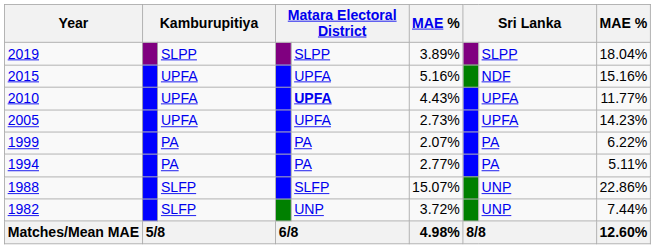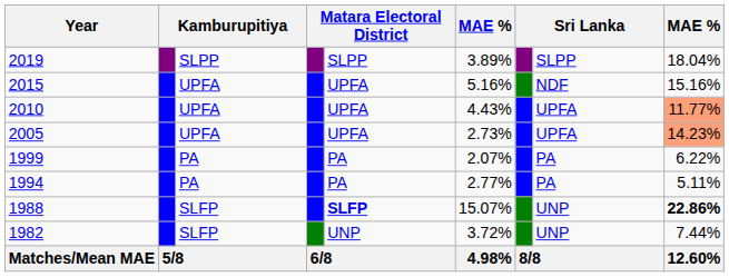 <table class="wikitable">
 <tr>
 <th>Year</th>
 <th colspan="2" width="144px">Kamburupitiya</th>
 <th colspan="2" width="144px"><a href='#'>Matara Electoral District</a></th>
 <th><a href='#'>MAE</a> %</th>
 <th colspan="2" width="144px">Sri Lanka</th>
 <th>MAE %</th>
 </tr>
 <tr>
 <td><a href='#'>2019</a></td>
 <td style="background-color:purple;" width="10px"></td>
 <td style="text-align:left;"><a href='#'>SLPP</a></td>
 <td style="background-color:purple;" width="10px"></td>
 <td style="text-align:left;"><a href='#'>SLPP</a></td>
 <td style="text-align:right;">3.89%</td>
 <td style="background-color:purple;" width="10px"></td>
 <td style="text-align:left;"><a href='#'>SLPP</a></td>
 <td style="text-align:right;">18.04%</td>
 </tr>
 <tr>
 <td><a href='#'>2015</a></td>
 <td style="background-color:blue;" width="10px"></td>
 <td style="text-align:left;"><a href='#'>UPFA</a></td>
 <td style="background-color:blue;" width="10px"></td>
 <td style="text-align:left;"><a href='#'>UPFA</a></td>
 <td style="text-align:right;">5.16%</td>
 <td style="background-color:green;" width="10px"></td>
 <td style="text-align:left;"><a href='#'>NDF</a></td>
 <td style="text-align:right;">15.16%</td>
 </tr>
 <tr>
 <td><a href='#'>2010</a></td>
 <td style="background-color:blue;" width="10px"></td>
 <td style="text-align:left;"><a href='#'>UPFA</a></td>
 <td style="background-color:blue;" width="10px"></td>
-<td style="text-align:left;"><strong><a href='#'>UPFA</a></strong></td>
+<td style="text-align:left;"><a href='#'>UPFA</a></td>
 <td style="text-align:right;">4.43%</td>
 <td style="background-color:blue;" width="10px"></td>
 <td style="text-align:left;"><a href='#'>UPFA</a></td>
-<td style="text-align:right;">11.77%</td>
+<td style="background: lightsalmon; text-align:right;">11.77%</td>
 </tr>
 <tr>
 <td><a href='#'>2005</a></td>
 <td style="background-color:blue;" width="10px"></td>
 <td style="text-align:left;"><a href='#'>UPFA</a></td>
 <td style="background-color:blue;" width="10px"></td>
 <td style="text-align:left;"><a href='#'>UPFA</a></td>
 <td style="text-align:right;">2.73%</td>
 <td style="background-color:blue;" width="10px"></td>
 <td style="text-align:left;"><a href='#'>UPFA</a></td>
-<td style="text-align:right;">14.23%</td>
+<td style="background: lightsalmon; text-align:right;">14.23%</td>
 </tr>
 <tr>
 <td><a href='#'>1999</a></td>
 <td style="background-color:blue;" width="10px"></td>
 <td style="text-align:left;"><a href='#'>PA</a></td>
 <td style="background-color:blue;" width="10px"></td>
 <td style="text-align:left;"><a href='#'>PA</a></td>
 <td style="text-align:right;">2.07%</td>
 <td style="background-color:blue;" width="10px"></td>
 <td style="text-align:left;"><a href='#'>PA</a></td>
 <td style="text-align:right;">6.22%</td>
 </tr>
 <tr>
 <td><a href='#'>1994</a></td>
 <td style="background-color:blue;" width="10px"></td>
 <td style="text-align:left;"><a href='#'>PA</a></td>
 <td style="background-color:blue;" width="10px"></td>
 <td style="text-align:left;"><a href='#'>PA</a></td>
 <td style="text-align:right;">2.77%</td>
 <td style="background-color:blue;" width="10px"></td>
 <td style="text-align:left;"><a href='#'>PA</a></td>
 <td style="text-align:right;">5.11%</td>
 </tr>
 <tr>
 <td><a href='#'>1988</a></td>
 <td style="background-color:blue;" width="10px"></td>
 <td style="text-align:left;"><a href='#'>SLFP</a></td>
 <td style="background-color:blue;" width="10px"></td>
-<td style="text-align:left;"><a href='#'>SLFP</a></td>
+<td style="text-align:left;"><strong><a href='#'>SLFP</a></strong></td>
 <td style="text-align:right;">15.07%</td>
 <td style="background-color:green;" width="10px"></td>
 <td style="text-align:left;"><a href='#'>UNP</a></td>
-<td style="text-align:right;">22.86%</td>
+<td style="text-align:right;"><strong>22.86%</strong></td>
 </tr>
 <tr>
 <td><a href='#'>1982</a></td>
 <td style="background-color:blue;" width="10px"></td>
 <td style="text-align:left;"><a href='#'>SLFP</a></td>
 <td style="background-color:green;" width="10px"></td>
 <td style="text-align:left;"><a href='#'>UNP</a></td>
 <td style="text-align:right;">3.72%</td>
 <td style="background-color:green;" width="10px"></td>
 <td style="text-align:left;"><a href='#'>UNP</a></td>
 <td style="text-align:right;">7.44%</td>
 </tr>
 <tr>
 <th>Matches/Mean MAE</th>
 <th style="text-align:left;"colspan="2" width="144px">5/8</th>
 <th style="text-align:left;"colspan="2" width="144px">6/8</th>
 <th style="text-align:right;">4.98%</th>
 <th style="text-align:left;"colspan="2" width="144px">8/8</th>
 <th style="text-align:right;">12.60%</th>
 </tr>
 </table>
